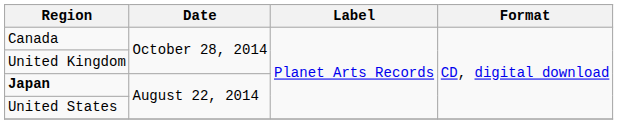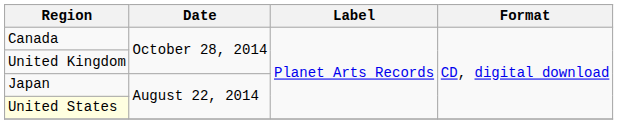 <table class="wikitable">
 <tr>
 <th>Region</th>
 <th>Date</th>
 <th>Label</th>
 <th>Format</th>
 </tr>
 <tr>
 <td>Canada</td>
 <td rowspan="2">October 28, 2014</td>
 <td rowspan="4"><a href='#'>Planet Arts Records</a></td>
 <td rowspan="4"><a href='#'>CD</a>, <a href='#'>digital download</a></td>
 </tr>
 <tr>
 <td>United Kingdom</td>
 </tr>
 <tr>
-<td><strong>Japan</strong></td>
+<td>Japan</td>
 <td rowspan="2">August 22, 2014</td>
 </tr>
 <tr>
-<td>United States</td>
+<td style="background: lightyellow;">United States</td>
 </tr>
 <tr>
 </tr>
 </table>
